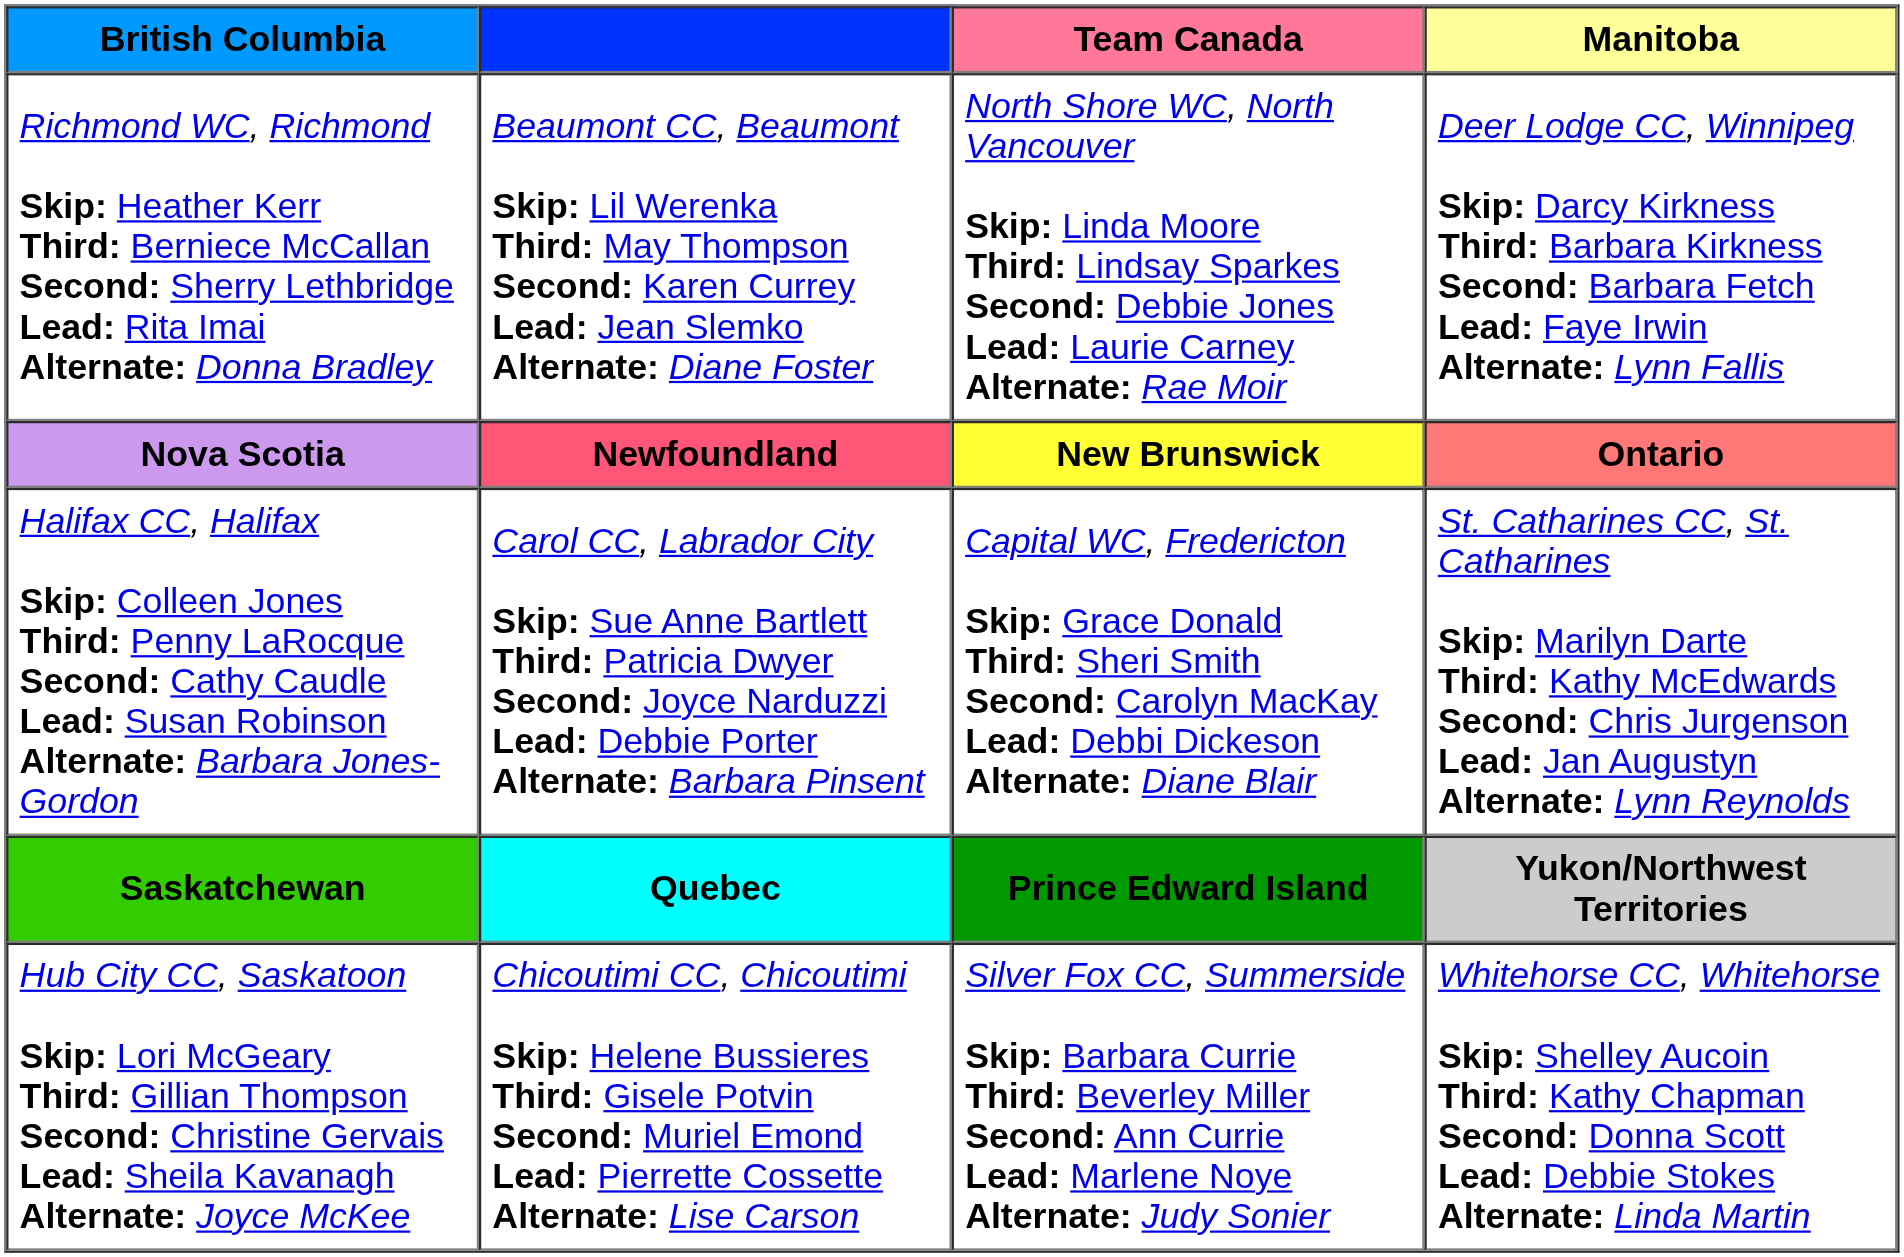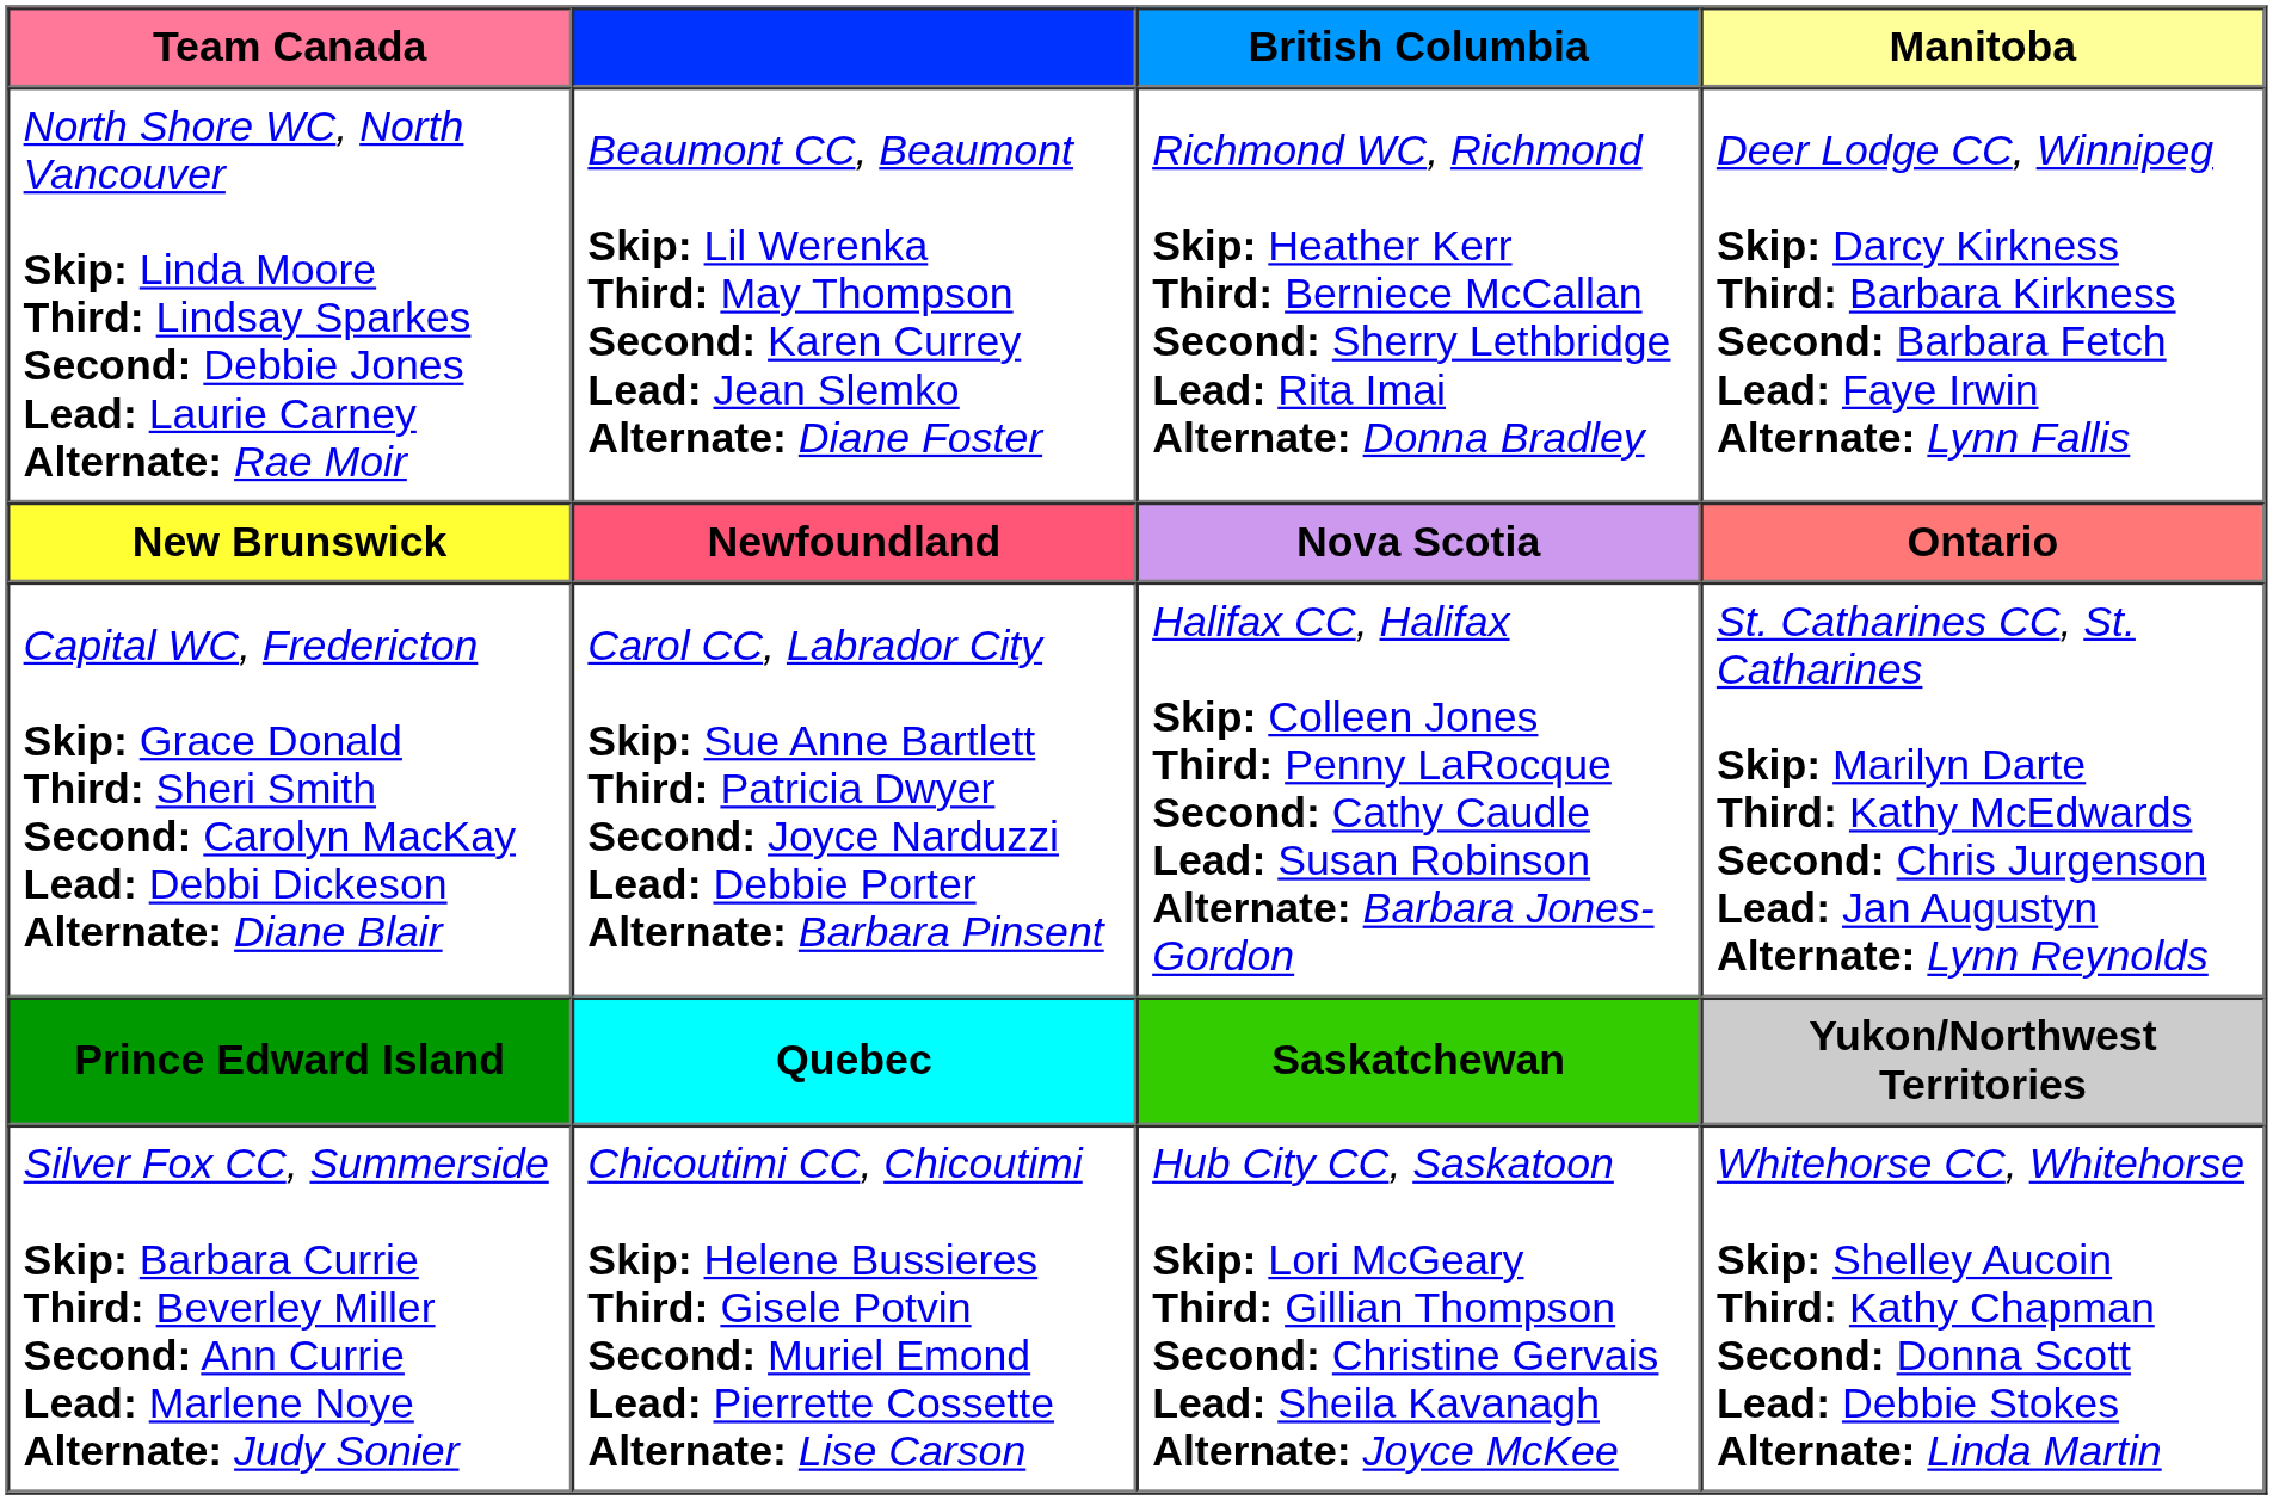 <table border=1 cellpadding=5 cellspacing=0>
 <tr>
+<th bgcolor="#ff7799" width="200">Team Canada</th>
+<th bgcolor="#0033ff" width="200"></th>
 <th bgcolor="#0099ff" width="200">British Columbia</th>
-<th bgcolor="#0033ff" width="200"></th>
-<th bgcolor="#ff7799" width="200">Team Canada</th>
 <th bgcolor="#ffff99" width="200">Manitoba</th>
 </tr>
 <tr align=center>
+<td align=left><em><a href='#'>North Shore WC</a>, <a href='#'>North Vancouver</a></em> <br><br><strong>Skip:</strong>  <a href='#'>Linda Moore</a><br> <strong>Third:</strong> <a href='#'>Lindsay Sparkes</a> <br> <strong>Second:</strong> <a href='#'>Debbie Jones</a><br> <strong>Lead:</strong> <a href='#'>Laurie Carney</a><br> <strong>Alternate:</strong>  <em><a href='#'>Rae Moir</a></em></td>
+<td align=left><em><a href='#'>Beaumont CC</a>, <a href='#'>Beaumont</a></em> <br><br><strong>Skip:</strong>  <a href='#'>Lil Werenka</a><br> <strong>Third:</strong> <a href='#'>May Thompson</a><br> <strong>Second:</strong> <a href='#'>Karen Currey</a><br> <strong>Lead:</strong> <a href='#'>Jean Slemko</a><br> <strong>Alternate:</strong> <em><a href='#'>Diane Foster</a></em></td>
 <td align=left><em><a href='#'>Richmond WC</a>, <a href='#'>Richmond</a></em> <br><br><strong>Skip:</strong>  <a href='#'>Heather Kerr</a><br> <strong>Third:</strong> <a href='#'>Berniece McCallan</a><br> <strong>Second:</strong> <a href='#'>Sherry Lethbridge</a><br> <strong>Lead:</strong> <a href='#'>Rita Imai</a><br> <strong>Alternate:</strong> <em><a href='#'>Donna Bradley</a></em></td>
-<td align=left><em><a href='#'>Beaumont CC</a>, <a href='#'>Beaumont</a></em> <br><br><strong>Skip:</strong>  <a href='#'>Lil Werenka</a><br> <strong>Third:</strong> <a href='#'>May Thompson</a><br> <strong>Second:</strong> <a href='#'>Karen Currey</a><br> <strong>Lead:</strong> <a href='#'>Jean Slemko</a><br> <strong>Alternate:</strong> <em><a href='#'>Diane Foster</a></em></td>
-<td align=left><em><a href='#'>North Shore WC</a>, <a href='#'>North Vancouver</a></em> <br><br><strong>Skip:</strong>  <a href='#'>Linda Moore</a><br> <strong>Third:</strong> <a href='#'>Lindsay Sparkes</a> <br> <strong>Second:</strong> <a href='#'>Debbie Jones</a><br> <strong>Lead:</strong> <a href='#'>Laurie Carney</a><br> <strong>Alternate:</strong>  <em><a href='#'>Rae Moir</a></em></td>
 <td align=left><em><a href='#'>Deer Lodge CC</a>, <a href='#'>Winnipeg</a></em> <br><br><strong>Skip:</strong>  <a href='#'>Darcy Kirkness</a><br> <strong>Third:</strong> <a href='#'>Barbara Kirkness</a><br> <strong>Second:</strong> <a href='#'>Barbara Fetch</a><br> <strong>Lead:</strong> <a href='#'>Faye Irwin</a><br> <strong>Alternate:</strong> <em><a href='#'>Lynn Fallis</a></em></td>
 </tr>
 <tr border=1 cellpadding=5 cellspacing=0>
+<th bgcolor="#ffff33" width="200">New Brunswick</th>
+<th bgcolor="#ff5577" width="200">Newfoundland</th>
 <th bgcolor="#cc99ee" width="200">Nova Scotia</th>
-<th bgcolor="#ff5577" width="200">Newfoundland</th>
-<th bgcolor="#ffff33" width="200">New Brunswick</th>
 <th bgcolor="#ff7777" width="200">Ontario</th>
 </tr>
 <tr align=center>
+<td align=left><em><a href='#'>Capital WC</a>, <a href='#'>Fredericton</a></em> <br><br><strong>Skip:</strong>  <a href='#'>Grace Donald</a><br> <strong>Third:</strong> <a href='#'>Sheri Smith</a><br> <strong>Second:</strong> <a href='#'>Carolyn MacKay</a><br> <strong>Lead:</strong> <a href='#'>Debbi Dickeson</a><br> <strong>Alternate:</strong> <em><a href='#'>Diane Blair</a></em></td>
+<td align=left><em><a href='#'>Carol CC</a>, <a href='#'>Labrador City</a></em> <br><br><strong>Skip:</strong>  <a href='#'>Sue Anne Bartlett</a> <br> <strong>Third:</strong> <a href='#'>Patricia Dwyer</a><br> <strong>Second:</strong> <a href='#'>Joyce Narduzzi</a><br> <strong>Lead:</strong> <a href='#'>Debbie Porter</a><br> <strong>Alternate:</strong> <em><a href='#'>Barbara Pinsent</a></em></td>
 <td align=left><em><a href='#'>Halifax CC</a>, <a href='#'>Halifax</a></em> <br><br><strong>Skip:</strong> <a href='#'>Colleen Jones</a><br> <strong>Third:</strong> <a href='#'>Penny LaRocque</a><br> <strong>Second:</strong> <a href='#'>Cathy Caudle</a><br> <strong>Lead:</strong> <a href='#'>Susan Robinson</a><br> <strong>Alternate:</strong> <em><a href='#'>Barbara Jones-Gordon</a></em></td>
-<td align=left><em><a href='#'>Carol CC</a>, <a href='#'>Labrador City</a></em> <br><br><strong>Skip:</strong>  <a href='#'>Sue Anne Bartlett</a> <br> <strong>Third:</strong> <a href='#'>Patricia Dwyer</a><br> <strong>Second:</strong> <a href='#'>Joyce Narduzzi</a><br> <strong>Lead:</strong> <a href='#'>Debbie Porter</a><br> <strong>Alternate:</strong> <em><a href='#'>Barbara Pinsent</a></em></td>
-<td align=left><em><a href='#'>Capital WC</a>, <a href='#'>Fredericton</a></em> <br><br><strong>Skip:</strong>  <a href='#'>Grace Donald</a><br> <strong>Third:</strong> <a href='#'>Sheri Smith</a><br> <strong>Second:</strong> <a href='#'>Carolyn MacKay</a><br> <strong>Lead:</strong> <a href='#'>Debbi Dickeson</a><br> <strong>Alternate:</strong> <em><a href='#'>Diane Blair</a></em></td>
 <td align=left><em><a href='#'>St. Catharines CC</a>, <a href='#'>St. Catharines</a></em> <br><br><strong>Skip:</strong>  <a href='#'>Marilyn Darte</a><br> <strong>Third:</strong> <a href='#'>Kathy McEdwards</a><br> <strong>Second:</strong> <a href='#'>Chris Jurgenson</a><br> <strong>Lead:</strong> <a href='#'>Jan Augustyn</a><br> <strong>Alternate:</strong> <em><a href='#'>Lynn Reynolds</a></em></td>
 </tr>
 <tr border=1 cellpadding=5 cellspacing=0>
+<th bgcolor="#009900" width="200">Prince Edward Island</th>
+<th bgcolor="#00ffff" width="200">Quebec</th>
 <th bgcolor="#33cc00" width="200">Saskatchewan</th>
-<th bgcolor="#00ffff" width="200">Quebec</th>
-<th bgcolor="#009900" width="200">Prince Edward Island</th>
 <th bgcolor="#cccccc" width="200">Yukon/Northwest Territories</th>
 </tr>
 <tr align=center>
+<td align=left><em><a href='#'>Silver Fox CC</a>, <a href='#'>Summerside</a></em> <br><br><strong>Skip:</strong>  <a href='#'>Barbara Currie</a><br> <strong>Third:</strong> <a href='#'>Beverley Miller</a><br> <strong>Second:</strong> <a href='#'>Ann Currie</a><br> <strong>Lead:</strong> <a href='#'>Marlene Noye</a><br> <strong>Alternate:</strong> <em><a href='#'>Judy Sonier</a></em></td>
+<td align=left><em><a href='#'>Chicoutimi CC</a>, <a href='#'>Chicoutimi</a></em> <br><br><strong>Skip:</strong>  <a href='#'>Helene Bussieres</a><br> <strong>Third:</strong> <a href='#'>Gisele Potvin</a><br> <strong>Second:</strong> <a href='#'>Muriel Emond</a><br> <strong>Lead:</strong> <a href='#'>Pierrette Cossette</a><br> <strong>Alternate:</strong> <em><a href='#'>Lise Carson</a></em></td>
 <td align=left><em><a href='#'>Hub City CC</a>, <a href='#'>Saskatoon</a></em> <br><br><strong>Skip:</strong>  <a href='#'>Lori McGeary</a><br> <strong>Third:</strong> <a href='#'>Gillian Thompson</a><br> <strong>Second:</strong> <a href='#'>Christine Gervais</a><br> <strong>Lead:</strong> <a href='#'>Sheila Kavanagh</a><br> <strong>Alternate:</strong> <em><a href='#'>Joyce McKee</a></em></td>
-<td align=left><em><a href='#'>Chicoutimi CC</a>, <a href='#'>Chicoutimi</a></em> <br><br><strong>Skip:</strong>  <a href='#'>Helene Bussieres</a><br> <strong>Third:</strong> <a href='#'>Gisele Potvin</a><br> <strong>Second:</strong> <a href='#'>Muriel Emond</a><br> <strong>Lead:</strong> <a href='#'>Pierrette Cossette</a><br> <strong>Alternate:</strong> <em><a href='#'>Lise Carson</a></em></td>
-<td align=left><em><a href='#'>Silver Fox CC</a>, <a href='#'>Summerside</a></em> <br><br><strong>Skip:</strong>  <a href='#'>Barbara Currie</a><br> <strong>Third:</strong> <a href='#'>Beverley Miller</a><br> <strong>Second:</strong> <a href='#'>Ann Currie</a><br> <strong>Lead:</strong> <a href='#'>Marlene Noye</a><br> <strong>Alternate:</strong> <em><a href='#'>Judy Sonier</a></em></td>
 <td align=left><em><a href='#'>Whitehorse CC</a>, <a href='#'>Whitehorse</a></em> <br><br><strong>Skip:</strong>  <a href='#'>Shelley Aucoin</a><br> <strong>Third:</strong> <a href='#'>Kathy Chapman</a><br> <strong>Second:</strong> <a href='#'>Donna Scott</a><br> <strong>Lead:</strong> <a href='#'>Debbie Stokes</a><br> <strong>Alternate:</strong> <em><a href='#'>Linda Martin</a></em></td>
 </tr>
 </table>
